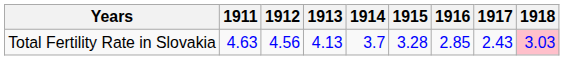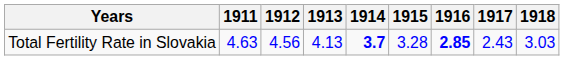 <table class="wikitable " style="text-align:right">
 <tr>
 <th>Years</th>
 <th>1911</th>
 <th>1912</th>
 <th>1913</th>
 <th>1914</th>
 <th>1915</th>
 <th>1916</th>
 <th>1917</th>
 <th>1918</th>
 </tr>
 <tr>
 <td align="left">Total Fertility Rate in Slovakia</td>
 <td style="text-align:right; color:blue;">4.63</td>
 <td style="text-align:right; color:blue;">4.56</td>
 <td style="text-align:right; color:blue;">4.13</td>
-<td style="text-align:right; color:blue;">3.7</td>
+<td style="text-align:right; color:blue;"><strong>3.7</strong></td>
 <td style="text-align:right; color:blue;">3.28</td>
-<td style="text-align:right; color:blue;">2.85</td>
+<td style="text-align:right; color:blue;"><strong>2.85</strong></td>
 <td style="text-align:right; color:blue;">2.43</td>
-<td style="background: pink; text-align:right; color:blue;">3.03</td>
+<td style="text-align:right; color:blue;">3.03</td>
 </tr>
 </table>
